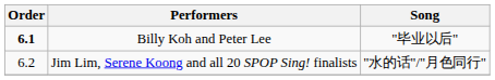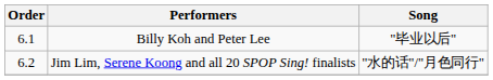 <table class="wikitable" style="text-align:center;">
 <tr>
 <th>Order</th>
 <th>Performers</th>
 <th>Song</th>
 </tr>
 <tr>
-<td><strong>6.1</strong></td>
+<td>6.1</td>
 <td>Billy Koh and Peter Lee</td>
 <td>"毕业以后"</td>
 </tr>
 <tr>
 <td>6.2</td>
 <td>Jim Lim, <a href='#'>Serene Koong</a> and all 20 <em>SPOP Sing!</em> finalists</td>
 <td>"水的话"/"月色同行"</td>
 </tr>
 <tr>
 </tr>
 </table>
